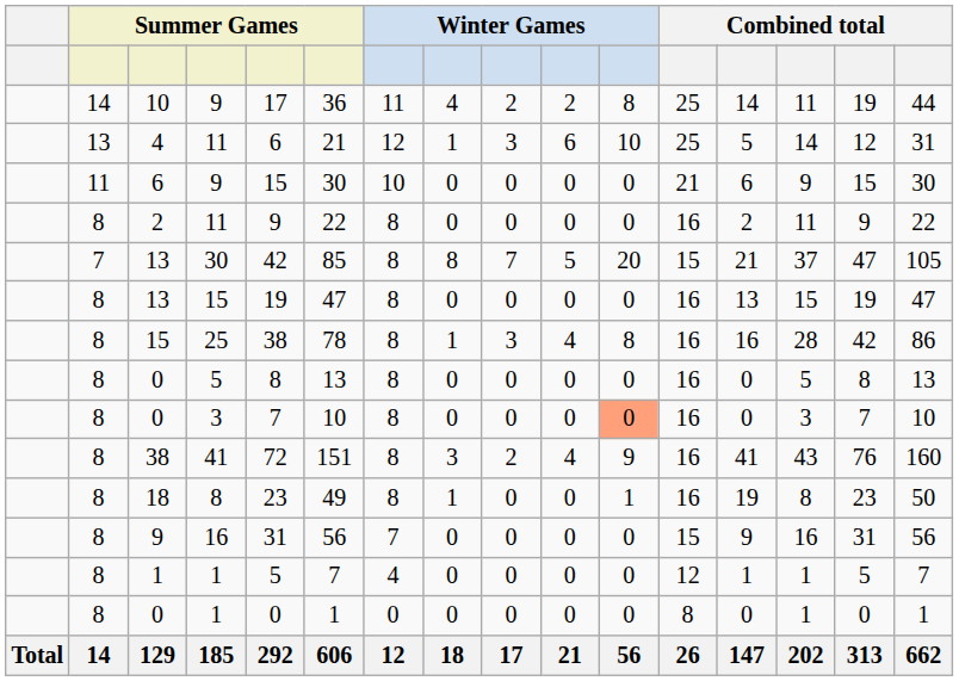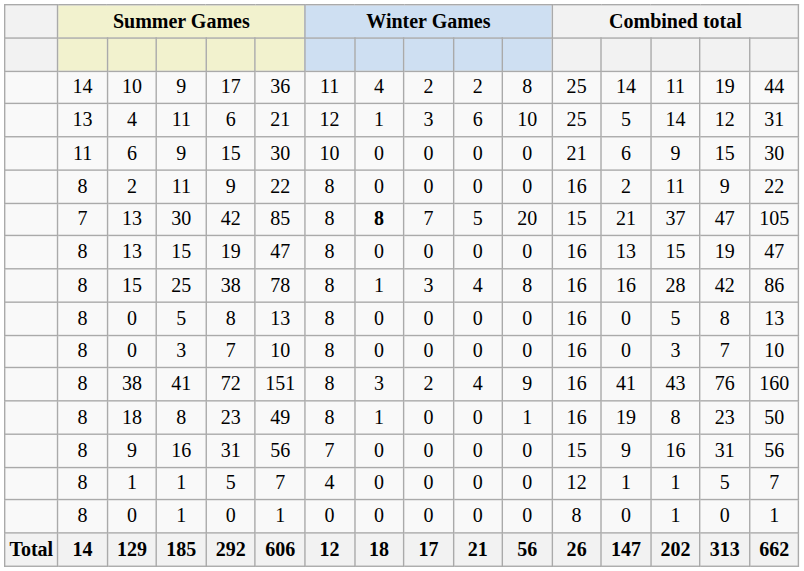 <table class="wikitable sortable" style="margin-top:0; text-align:center; font-size:90%;">
 <tr>
 <th></th>
 <th align="center" style="background-color:#f2f2ce;" colspan="5" ;>Summer Games</th>
 <th align="center" style="background-color:#cedff2;" colspan="5" ;>Winter Games</th>
 <th align="center" colspan="5" ;>Combined total</th>
 </tr>
 <tr>
 <th></th>
 <th style="background-color:#f2f2ce; width:2em;"><br></th>
 <th style="background-color:#f2f2ce; width:2em;"><br></th>
 <th style="background-color:#f2f2ce; width:2em;"><br></th>
 <th style="background-color:#f2f2ce; width:2em;"><br></th>
 <th style="background-color:#f2f2ce; width:2em;"><br></th>
 <th style="background-color:#cedff2; width:2em;"><br></th>
 <th style="background-color:#cedff2; width:2em;"><br></th>
 <th style="background-color:#cedff2; width:2em;"><br></th>
 <th style="background-color:#cedff2; width:2em;"><br></th>
 <th style="background-color:#cedff2; width:2em;"><br></th>
 <th style="width:2em;"><br></th>
 <th style="width:2em;"><br></th>
 <th style="width:2em;"><br></th>
 <th style="width:2em;"><br></th>
 <th style="width:2em;"><br></th>
 </tr>
 <tr>
 <td style="text-align: left;"></td>
 <td>14</td>
 <td>10</td>
 <td>9</td>
 <td>17</td>
 <td>36</td>
 <td>11</td>
 <td>4</td>
 <td>2</td>
 <td>2</td>
 <td>8</td>
 <td>25</td>
 <td>14</td>
 <td>11</td>
 <td>19</td>
 <td>44</td>
 </tr>
 <tr>
 <td style="text-align: left;"></td>
 <td>13</td>
 <td>4</td>
 <td>11</td>
 <td>6</td>
 <td>21</td>
 <td>12</td>
 <td>1</td>
 <td>3</td>
 <td>6</td>
 <td>10</td>
 <td>25</td>
 <td>5</td>
 <td>14</td>
 <td>12</td>
 <td>31</td>
 </tr>
 <tr>
 <td style="text-align: left;"></td>
 <td>11</td>
 <td>6</td>
 <td>9</td>
 <td>15</td>
 <td>30</td>
 <td>10</td>
 <td>0</td>
 <td>0</td>
 <td>0</td>
 <td>0</td>
 <td>21</td>
 <td>6</td>
 <td>9</td>
 <td>15</td>
 <td>30</td>
 </tr>
 <tr>
 <td style="text-align: left;"></td>
 <td>8</td>
 <td>2</td>
 <td>11</td>
 <td>9</td>
 <td>22</td>
 <td>8</td>
 <td>0</td>
 <td>0</td>
 <td>0</td>
 <td>0</td>
 <td>16</td>
 <td>2</td>
 <td>11</td>
 <td>9</td>
 <td>22</td>
 </tr>
 <tr>
 <td style="text-align: left;"></td>
 <td>7</td>
 <td>13</td>
 <td>30</td>
 <td>42</td>
 <td>85</td>
 <td>8</td>
-<td>8</td>
+<td><strong>8</strong></td>
 <td>7</td>
 <td>5</td>
 <td>20</td>
 <td>15</td>
 <td>21</td>
 <td>37</td>
 <td>47</td>
 <td>105</td>
 </tr>
 <tr>
 <td style="text-align: left;"></td>
 <td>8</td>
 <td>13</td>
 <td>15</td>
 <td>19</td>
 <td>47</td>
 <td>8</td>
 <td>0</td>
 <td>0</td>
 <td>0</td>
 <td>0</td>
 <td>16</td>
 <td>13</td>
 <td>15</td>
 <td>19</td>
 <td>47</td>
 </tr>
 <tr>
 <td style="text-align: left;"></td>
 <td>8</td>
 <td>15</td>
 <td>25</td>
 <td>38</td>
 <td>78</td>
 <td>8</td>
 <td>1</td>
 <td>3</td>
 <td>4</td>
 <td>8</td>
 <td>16</td>
 <td>16</td>
 <td>28</td>
 <td>42</td>
 <td>86</td>
 </tr>
 <tr>
 <td style="text-align: left;"></td>
 <td>8</td>
 <td>0</td>
 <td>5</td>
 <td>8</td>
 <td>13</td>
 <td>8</td>
 <td>0</td>
 <td>0</td>
 <td>0</td>
 <td>0</td>
 <td>16</td>
 <td>0</td>
 <td>5</td>
 <td>8</td>
 <td>13</td>
 </tr>
 <tr>
 <td style="text-align: left;"></td>
 <td>8</td>
 <td>0</td>
 <td>3</td>
 <td>7</td>
 <td>10</td>
 <td>8</td>
 <td>0</td>
 <td>0</td>
 <td>0</td>
-<td style="background: lightsalmon;">0</td>
+<td>0</td>
 <td>16</td>
 <td>0</td>
 <td>3</td>
 <td>7</td>
 <td>10</td>
 </tr>
 <tr>
 <td style="text-align: left;"></td>
 <td>8</td>
 <td>38</td>
 <td>41</td>
 <td>72</td>
 <td>151</td>
 <td>8</td>
 <td>3</td>
 <td>2</td>
 <td>4</td>
 <td>9</td>
 <td>16</td>
 <td>41</td>
 <td>43</td>
 <td>76</td>
 <td>160</td>
 </tr>
 <tr>
 <td style="text-align: left;"></td>
 <td>8</td>
 <td>18</td>
 <td>8</td>
 <td>23</td>
 <td>49</td>
 <td>8</td>
 <td>1</td>
 <td>0</td>
 <td>0</td>
 <td>1</td>
 <td>16</td>
 <td>19</td>
 <td>8</td>
 <td>23</td>
 <td>50</td>
 </tr>
 <tr>
 <td style="text-align: left;"></td>
 <td>8</td>
 <td>9</td>
 <td>16</td>
 <td>31</td>
 <td>56</td>
 <td>7</td>
 <td>0</td>
 <td>0</td>
 <td>0</td>
 <td>0</td>
 <td>15</td>
 <td>9</td>
 <td>16</td>
 <td>31</td>
 <td>56</td>
 </tr>
 <tr>
 <td style="text-align: left;"></td>
 <td>8</td>
 <td>1</td>
 <td>1</td>
 <td>5</td>
 <td>7</td>
 <td>4</td>
 <td>0</td>
 <td>0</td>
 <td>0</td>
 <td>0</td>
 <td>12</td>
 <td>1</td>
 <td>1</td>
 <td>5</td>
 <td>7</td>
 </tr>
 <tr>
 <td style="text-align: left;"></td>
 <td>8</td>
 <td>0</td>
 <td>1</td>
 <td>0</td>
 <td>1</td>
 <td>0</td>
 <td>0</td>
 <td>0</td>
 <td>0</td>
 <td>0</td>
 <td>8</td>
 <td>0</td>
 <td>1</td>
 <td>0</td>
 <td>1</td>
 </tr>
 <tr>
 <th style="text-align: center;">Total</th>
 <th>14</th>
 <th>129</th>
 <th>185</th>
 <th>292</th>
 <th>606</th>
 <th>12</th>
 <th>18</th>
 <th>17</th>
 <th>21</th>
 <th>56</th>
 <th>26</th>
 <th>147</th>
 <th>202</th>
 <th>313</th>
 <th>662</th>
 </tr>
 </table>
